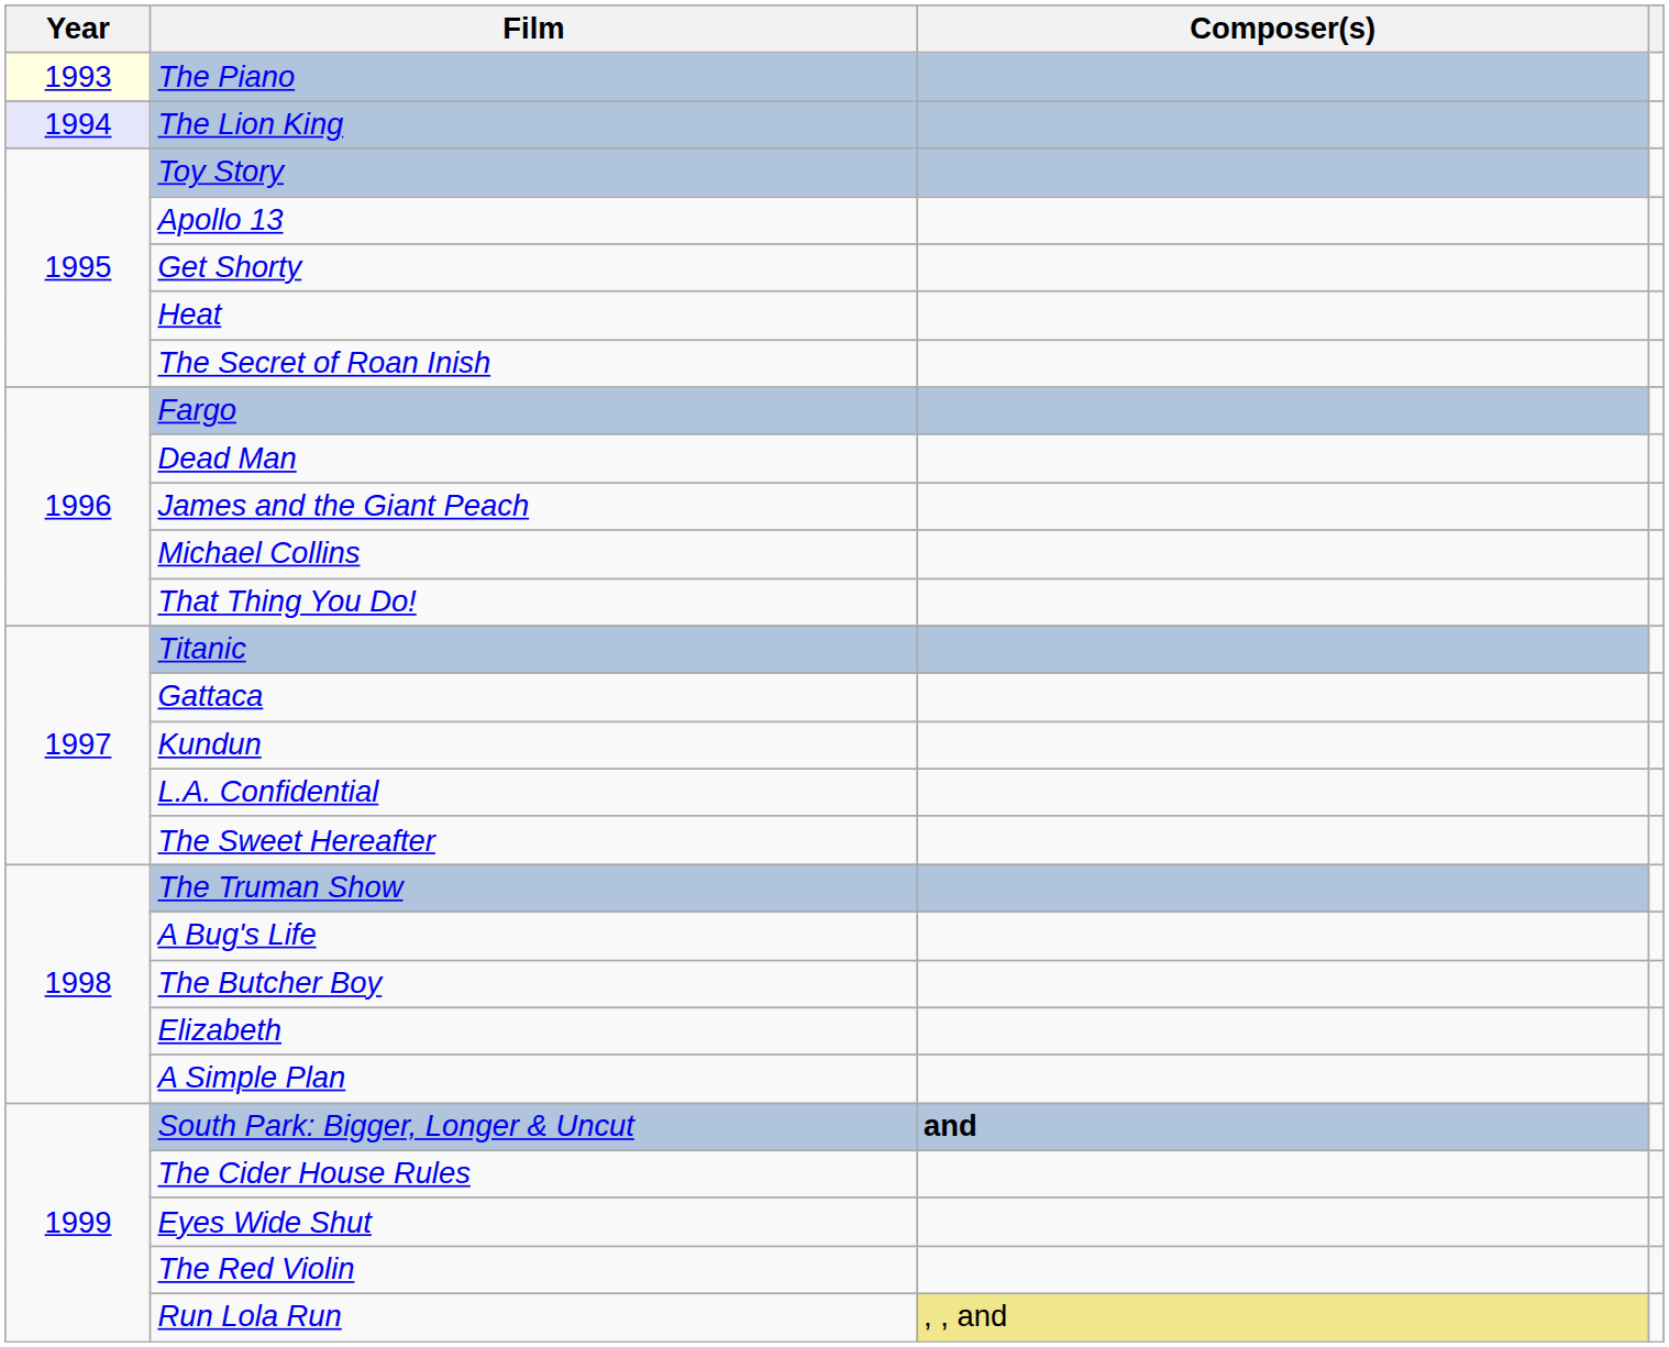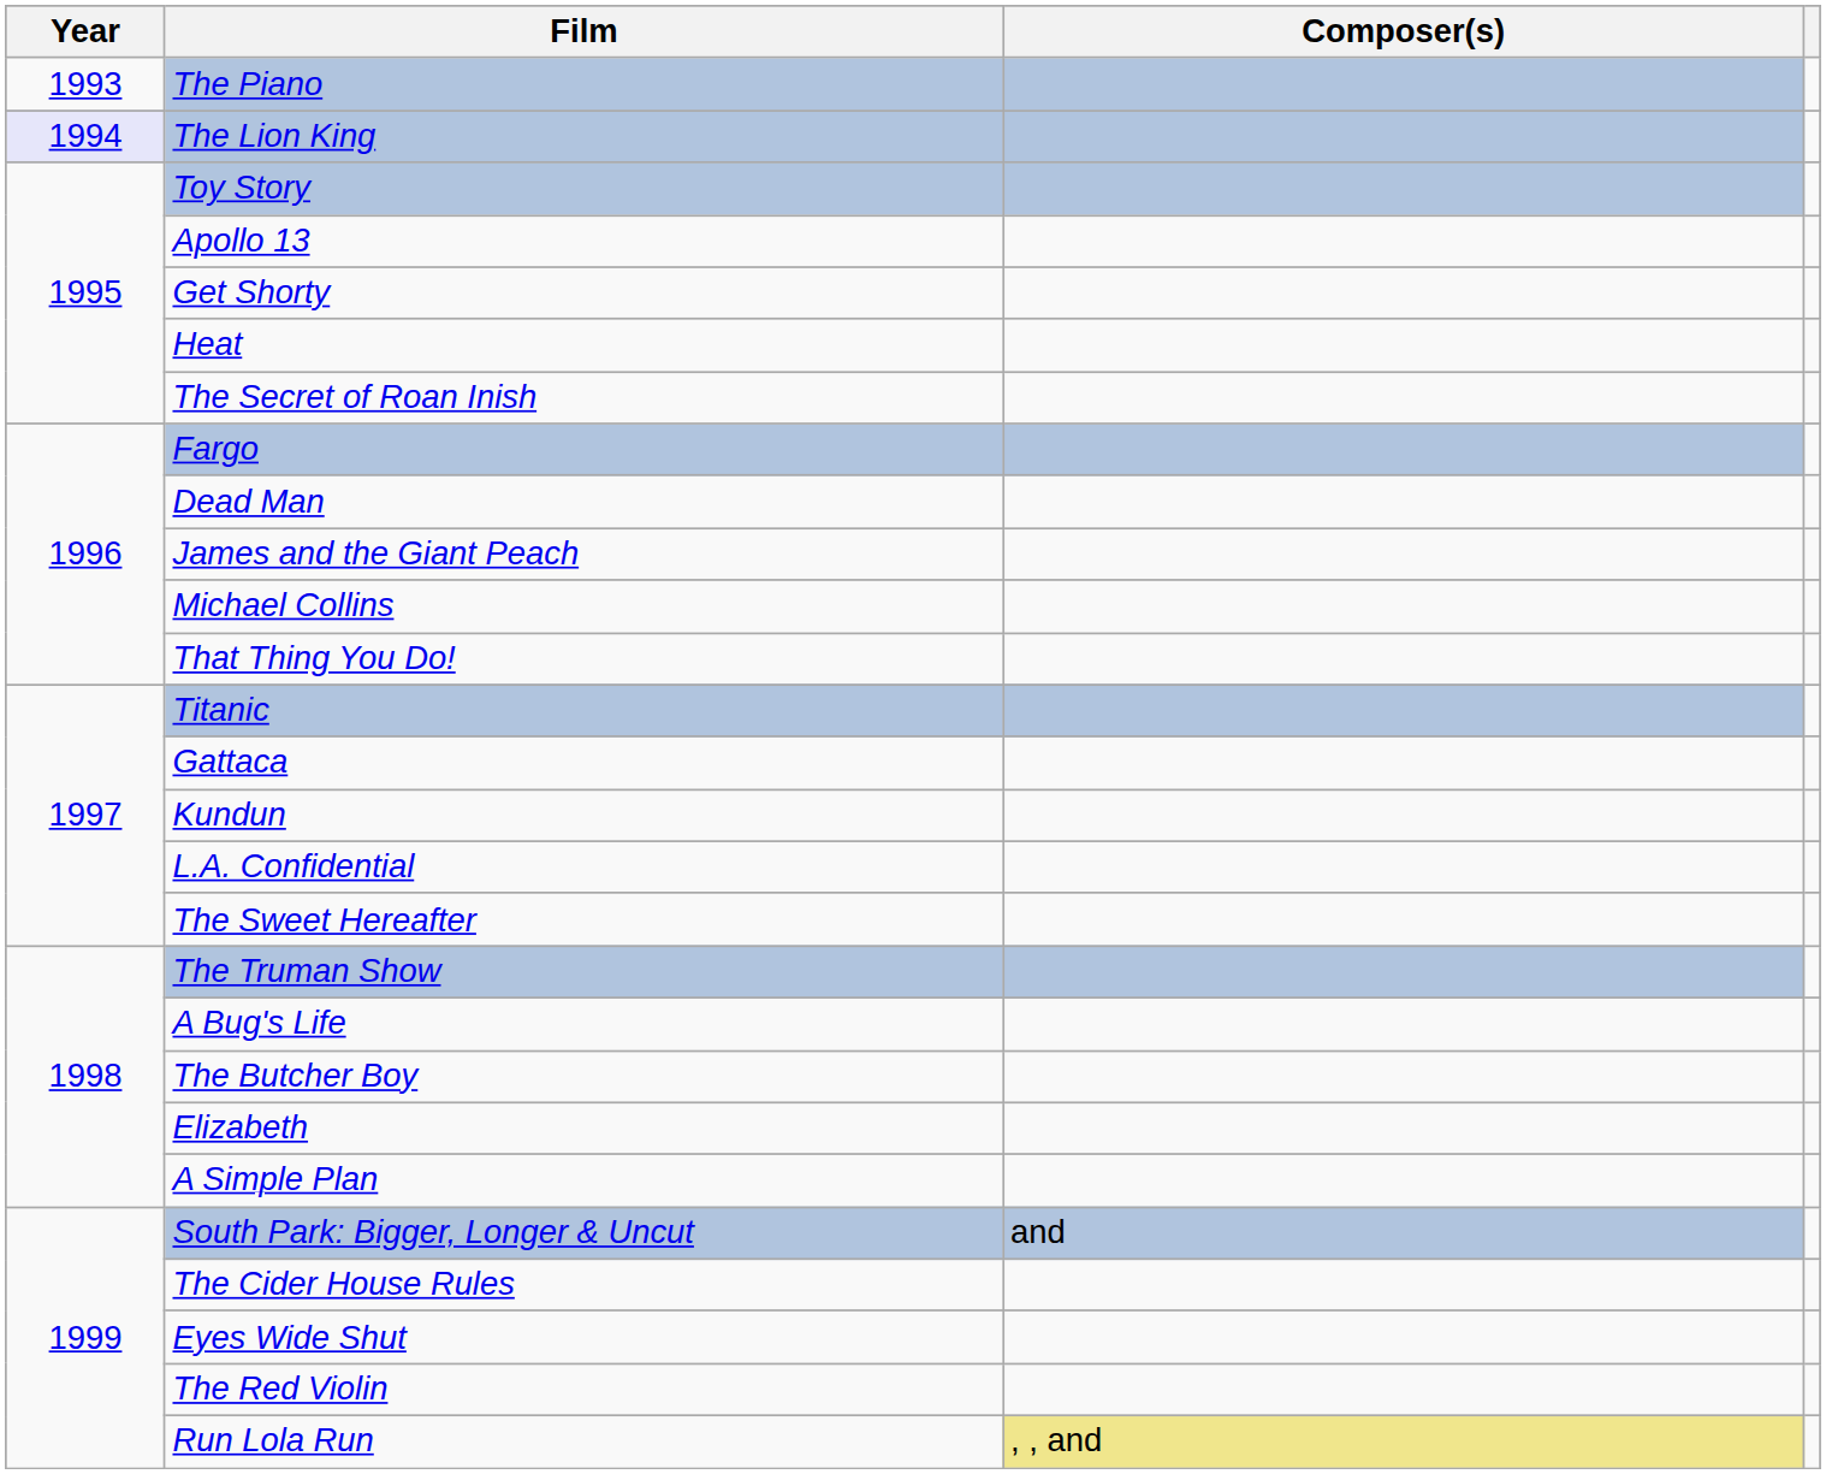 <table class="wikitable sortable">
 <tr>
 <th scope="col" width="70">Year</th>
 <th scope="col" width="400">Film</th>
 <th scope="col" width="382">Composer(s)</th>
 <th scope="col" class="unsortable"></th>
 </tr>
 <tr>
-<td style="background: lightyellow; text-align:center;"><a href='#'>1993</a></td>
+<td style="text-align:center;"><a href='#'>1993</a></td>
 <td style="background:#B0C4DE;"><em><a href='#'>The Piano</a></em></td>
 <td style="background:#B0C4DE;"></td>
 <td align="center"></td>
 </tr>
 <tr>
 <td style="background: lavender; text-align:center;"><a href='#'>1994</a></td>
 <td style="background:#B0C4DE;"><em><a href='#'>The Lion King</a></em></td>
 <td style="background:#B0C4DE;"></td>
 <td align="center"></td>
 </tr>
 <tr>
 <td rowspan="5" style="text-align:center;"><a href='#'>1995</a></td>
 <td style="background:#B0C4DE;"><em><a href='#'>Toy Story</a></em></td>
 <td style="background:#B0C4DE;"></td>
 <td align="center"></td>
 </tr>
 <tr>
 <td><em><a href='#'>Apollo 13</a></em></td>
 <td></td>
 <td align="center"></td>
 </tr>
 <tr>
 <td><em><a href='#'>Get Shorty</a></em></td>
 <td></td>
 <td align="center"></td>
 </tr>
 <tr>
 <td><em><a href='#'>Heat</a></em></td>
 <td></td>
 <td align="center"></td>
 </tr>
 <tr>
 <td><em><a href='#'>The Secret of Roan Inish</a></em></td>
 <td></td>
 <td align="center"></td>
 </tr>
 <tr>
 <td rowspan="5" style="text-align:center;"><a href='#'>1996</a></td>
 <td style="background:#B0C4DE;"><em><a href='#'>Fargo</a></em></td>
 <td style="background:#B0C4DE;"></td>
 <td align="center"></td>
 </tr>
 <tr>
 <td><em><a href='#'>Dead Man</a></em></td>
 <td></td>
 <td align="center"></td>
 </tr>
 <tr>
 <td><em><a href='#'>James and the Giant Peach</a></em></td>
 <td></td>
 <td align="center"></td>
 </tr>
 <tr>
 <td><em><a href='#'>Michael Collins</a></em></td>
 <td></td>
 <td align="center"></td>
 </tr>
 <tr>
 <td><em><a href='#'>That Thing You Do!</a></em></td>
 <td></td>
 <td align="center"></td>
 </tr>
 <tr>
 <td rowspan="5" style="text-align:center;"><a href='#'>1997</a></td>
 <td style="background:#B0C4DE;"><em><a href='#'>Titanic</a></em></td>
 <td style="background:#B0C4DE;"></td>
 <td align="center"></td>
 </tr>
 <tr>
 <td><em><a href='#'>Gattaca</a></em></td>
 <td></td>
 <td align="center"></td>
 </tr>
 <tr>
 <td><em><a href='#'>Kundun</a></em></td>
 <td></td>
 <td align="center"></td>
 </tr>
 <tr>
 <td><em><a href='#'>L.A. Confidential</a></em></td>
 <td></td>
 <td align="center"></td>
 </tr>
 <tr>
 <td><em><a href='#'>The Sweet Hereafter</a></em></td>
 <td></td>
 <td align="center"></td>
 </tr>
 <tr>
 <td rowspan="5" style="text-align:center;"><a href='#'>1998</a></td>
 <td style="background:#B0C4DE;"><em><a href='#'>The Truman Show</a></em></td>
 <td style="background:#B0C4DE;"></td>
 <td align="center"></td>
 </tr>
 <tr>
 <td><em><a href='#'>A Bug's Life</a></em></td>
 <td></td>
 <td align="center"></td>
 </tr>
 <tr>
 <td><em><a href='#'>The Butcher Boy</a></em></td>
 <td></td>
 <td align="center"></td>
 </tr>
 <tr>
 <td><em><a href='#'>Elizabeth</a></em></td>
 <td></td>
 <td align="center"></td>
 </tr>
 <tr>
 <td><em><a href='#'>A Simple Plan</a></em></td>
 <td></td>
 <td align="center"></td>
 </tr>
 <tr>
 <td rowspan="5" style="text-align:center;"><a href='#'>1999</a></td>
 <td style="background:#B0C4DE;"><em><a href='#'>South Park: Bigger, Longer & Uncut</a></em></td>
-<td style="background:#B0C4DE;"><strong> and </strong></td>
+<td style="background:#B0C4DE;"> and </td>
 <td align="center"></td>
 </tr>
 <tr>
 <td><em><a href='#'>The Cider House Rules</a></em></td>
 <td></td>
 <td align="center"></td>
 </tr>
 <tr>
 <td><em><a href='#'>Eyes Wide Shut</a></em></td>
 <td></td>
 <td align="center"></td>
 </tr>
 <tr>
 <td><em><a href='#'>The Red Violin</a></em></td>
 <td></td>
 <td align="center"></td>
 </tr>
 <tr>
 <td><em><a href='#'>Run Lola Run</a></em></td>
 <td style="background: khaki;">, , and </td>
 <td align="center"></td>
 </tr>
 <tr>
 </tr>
 </table>
